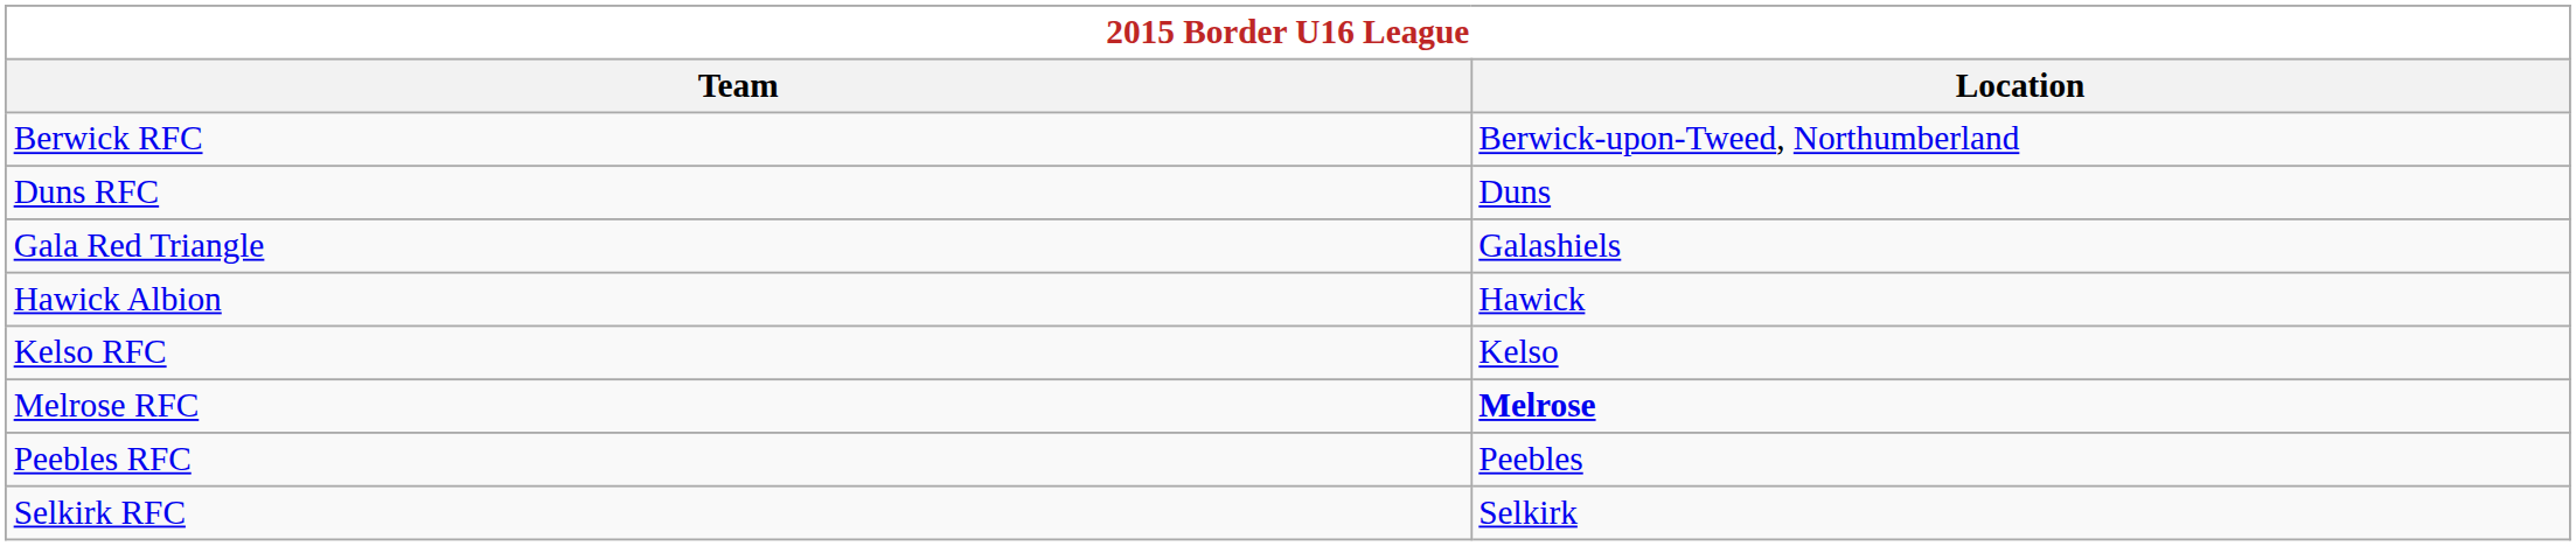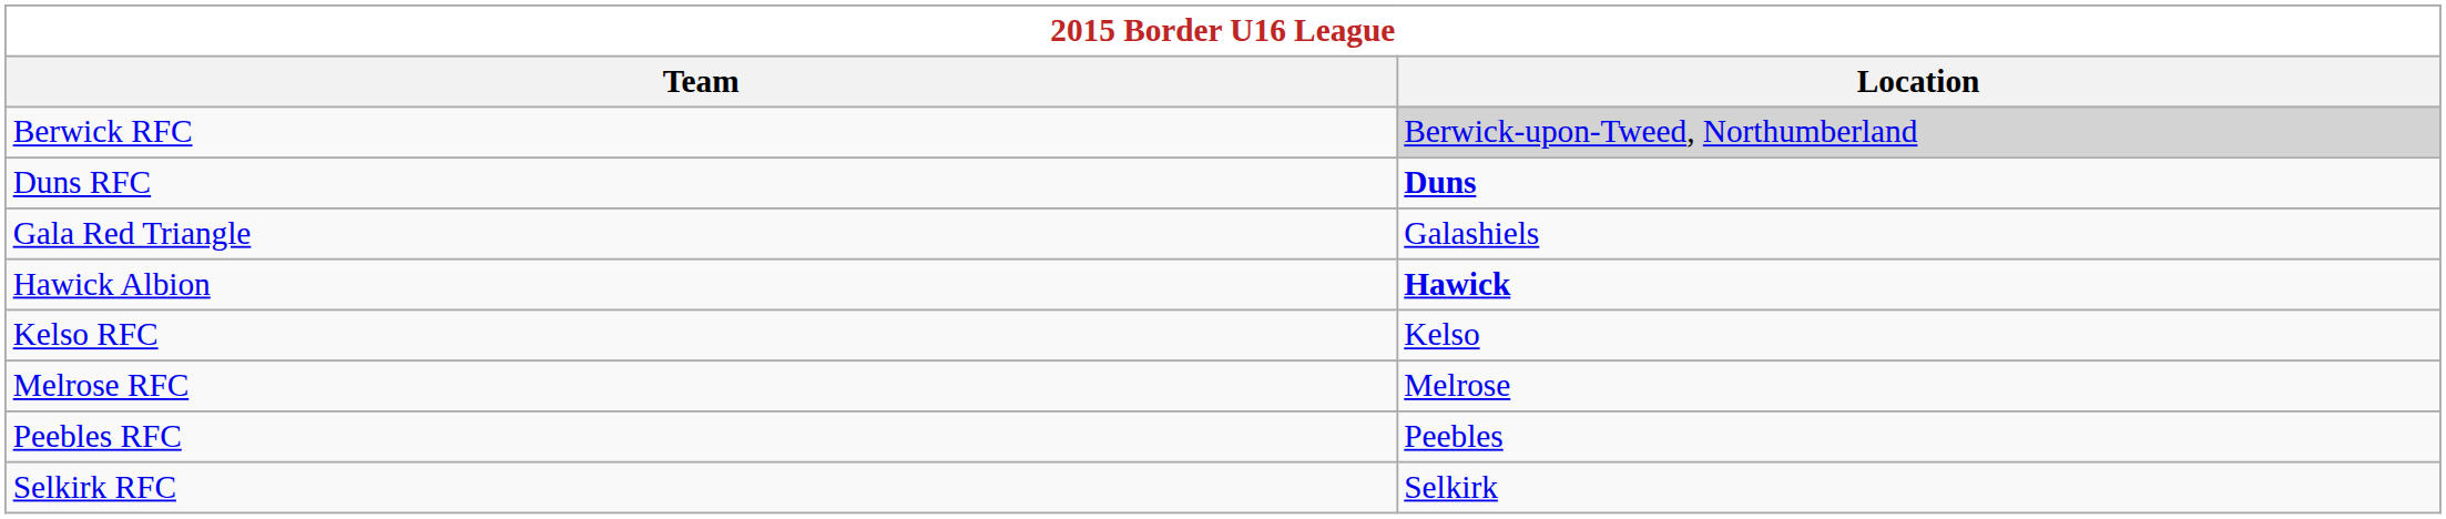 <table class="wikitable sortable" style="text-align:left; line-height:110%; font-size:100%; width:95%;">
 <tr>
 <td colspan=4 align=center  style="background-color:#ffffff;color:#BE2625"><strong>2015 Border U16 League</strong></td>
 </tr>
 <tr>
 <th width="40%">Team</th>
 <th width="30%">Location</th>
 </tr>
 <tr>
 <td><a href='#'>Berwick RFC</a></td>
-<td><a href='#'>Berwick-upon-Tweed</a>, <a href='#'>Northumberland</a></td>
+<td style="background: lightgrey;"><a href='#'>Berwick-upon-Tweed</a>, <a href='#'>Northumberland</a></td>
 </tr>
 <tr>
 <td><a href='#'>Duns RFC</a></td>
-<td><a href='#'>Duns</a></td>
+<td><strong><a href='#'>Duns</a></strong></td>
 </tr>
 <tr>
 <td><a href='#'>Gala Red Triangle</a></td>
 <td><a href='#'>Galashiels</a></td>
 </tr>
 <tr>
 <td><a href='#'>Hawick Albion</a></td>
-<td><a href='#'>Hawick</a></td>
+<td><strong><a href='#'>Hawick</a></strong></td>
 </tr>
 <tr>
 <td><a href='#'>Kelso RFC</a></td>
 <td><a href='#'>Kelso</a></td>
 </tr>
 <tr>
 <td><a href='#'>Melrose RFC</a></td>
-<td><strong><a href='#'>Melrose</a></strong></td>
+<td><a href='#'>Melrose</a></td>
 </tr>
 <tr>
 <td><a href='#'>Peebles RFC</a></td>
 <td><a href='#'>Peebles</a></td>
 </tr>
 <tr>
 <td><a href='#'>Selkirk RFC</a></td>
 <td><a href='#'>Selkirk</a></td>
 </tr>
 </table>
